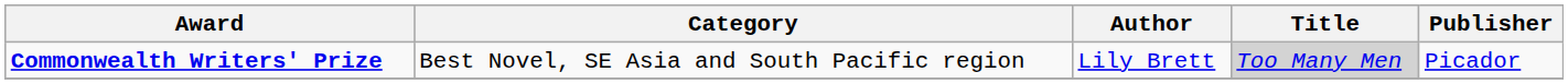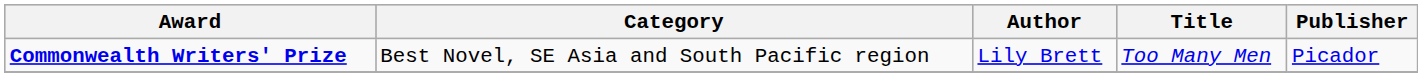 <table class="wikitable" width=100%>
 <tr>
 <th>Award</th>
 <th>Category</th>
 <th>Author</th>
 <th>Title</th>
 <th>Publisher</th>
 </tr>
 <tr>
 <td><strong><a href='#'>Commonwealth Writers' Prize</a></strong></td>
 <td>Best Novel, SE Asia and South Pacific region</td>
 <td><a href='#'>Lily Brett</a></td>
-<td style="background: lightgrey;"><em><a href='#'>Too Many Men</a></em></td>
+<td><em><a href='#'>Too Many Men</a></em></td>
 <td><a href='#'>Picador</a></td>
 </tr>
 <tr>
 </tr>
 </table>
